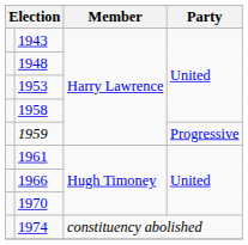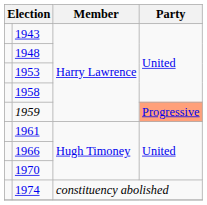 <table class="wikitable">
 <tr>
 <th colspan="2">Election</th>
 <th>Member</th>
 <th>Party</th>
 </tr>
 <tr>
 <td style="background-color: "></td>
 <td><a href='#'>1943</a></td>
 <td rowspan="5"><a href='#'>Harry Lawrence</a></td>
 <td rowspan="4"><a href='#'>United</a></td>
 </tr>
 <tr>
 <td style="background-color: "></td>
 <td><a href='#'>1948</a></td>
 </tr>
 <tr>
 <td style="background-color: "></td>
 <td><a href='#'>1953</a></td>
 </tr>
 <tr>
 <td style="background-color: "></td>
 <td><a href='#'>1958</a></td>
 </tr>
 <tr>
 <td style="background-color: "></td>
 <td><em>1959</em></td>
-<td><a href='#'>Progressive</a></td>
+<td style="background: lightsalmon;"><a href='#'>Progressive</a></td>
 </tr>
 <tr>
 <td style="background-color: "></td>
 <td><a href='#'>1961</a></td>
 <td rowspan="3"><a href='#'>Hugh Timoney</a></td>
 <td rowspan="3"><a href='#'>United</a></td>
 </tr>
 <tr>
 <td style="background-color: "></td>
 <td><a href='#'>1966</a></td>
 </tr>
 <tr>
 <td style="background-color: "></td>
 <td><a href='#'>1970</a></td>
 </tr>
 <tr>
 <td style="background-color: "></td>
 <td><a href='#'>1974</a></td>
 <td colspan="2"><em>constituency abolished</em></td>
 </tr>
 <tr>
 </tr>
 </table>
